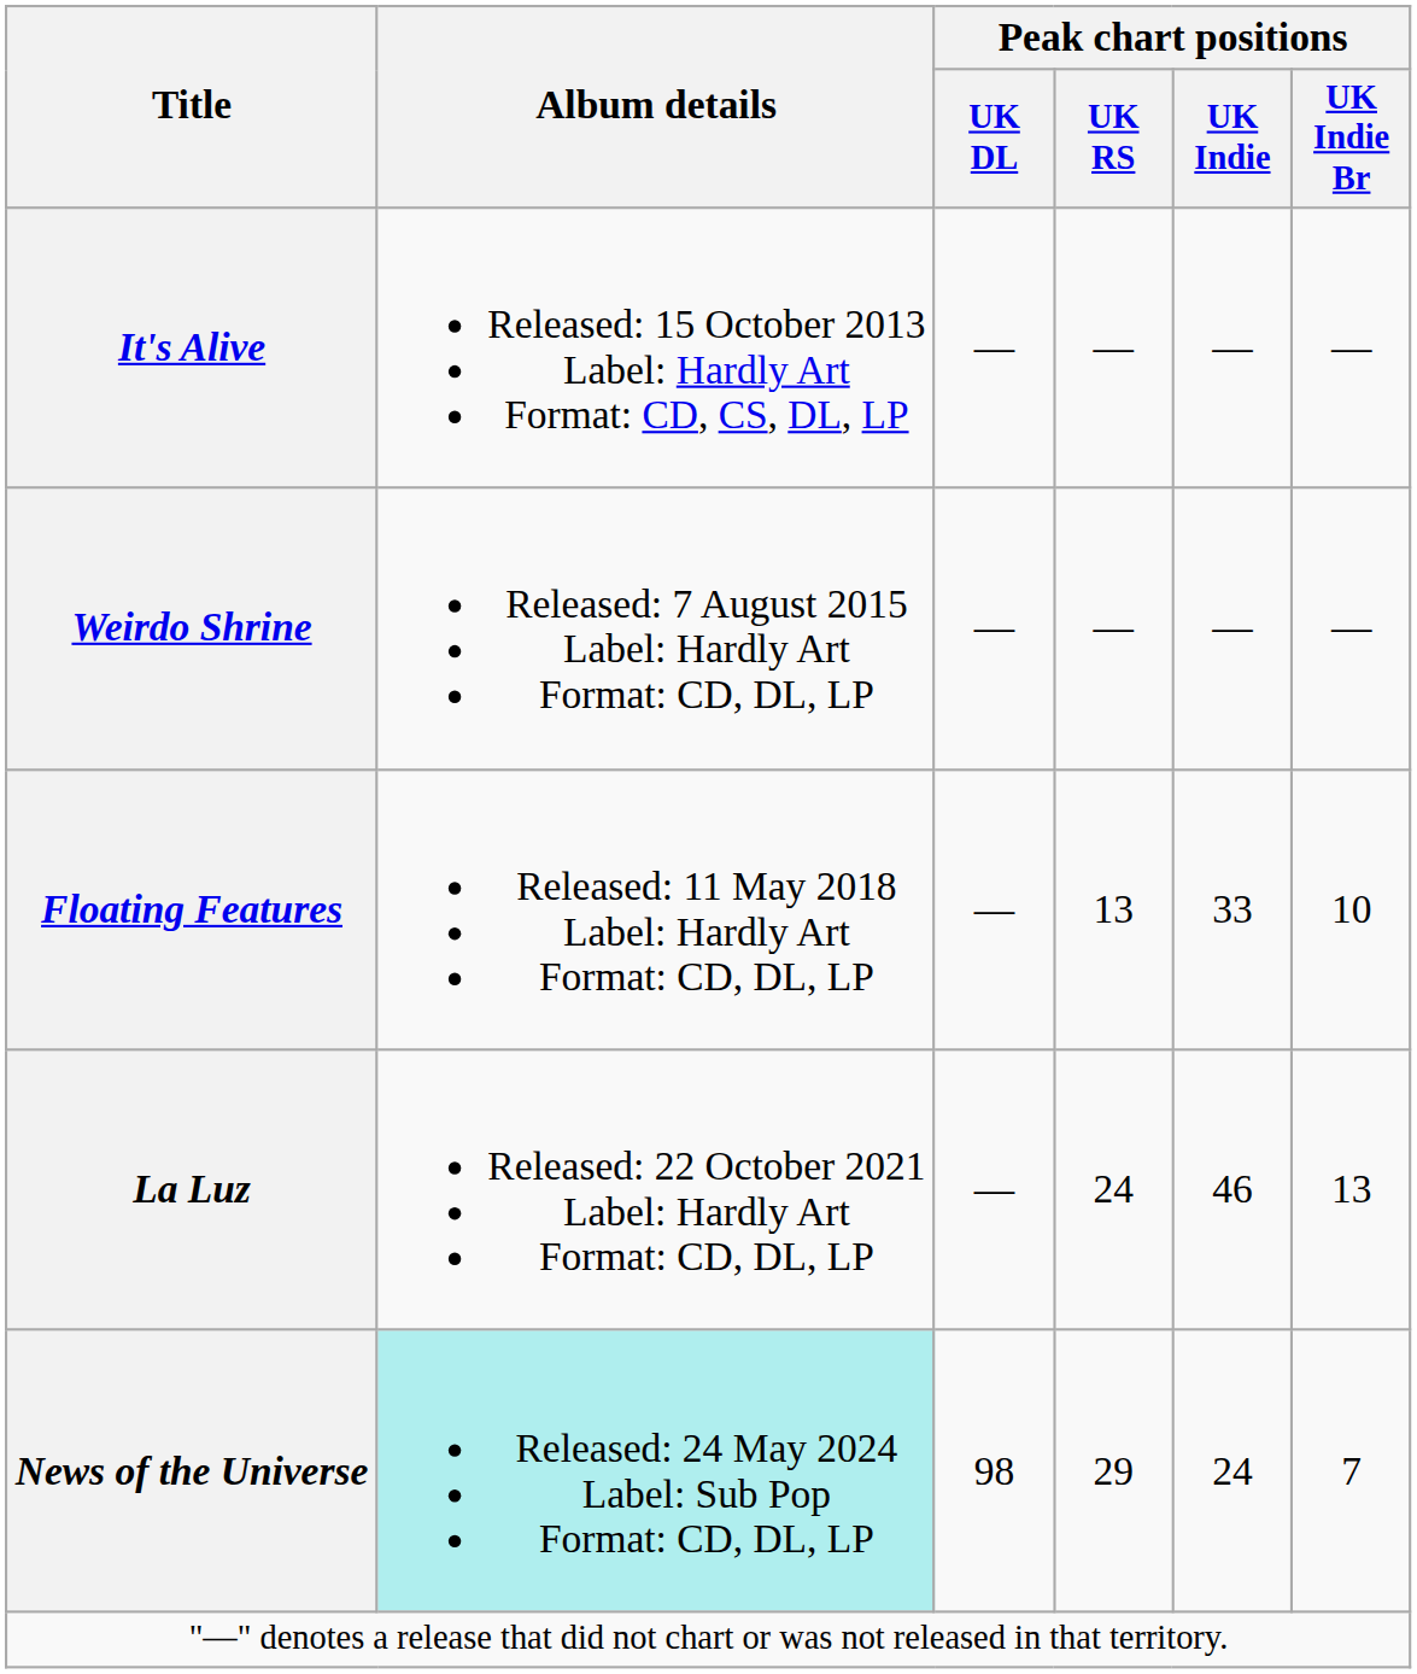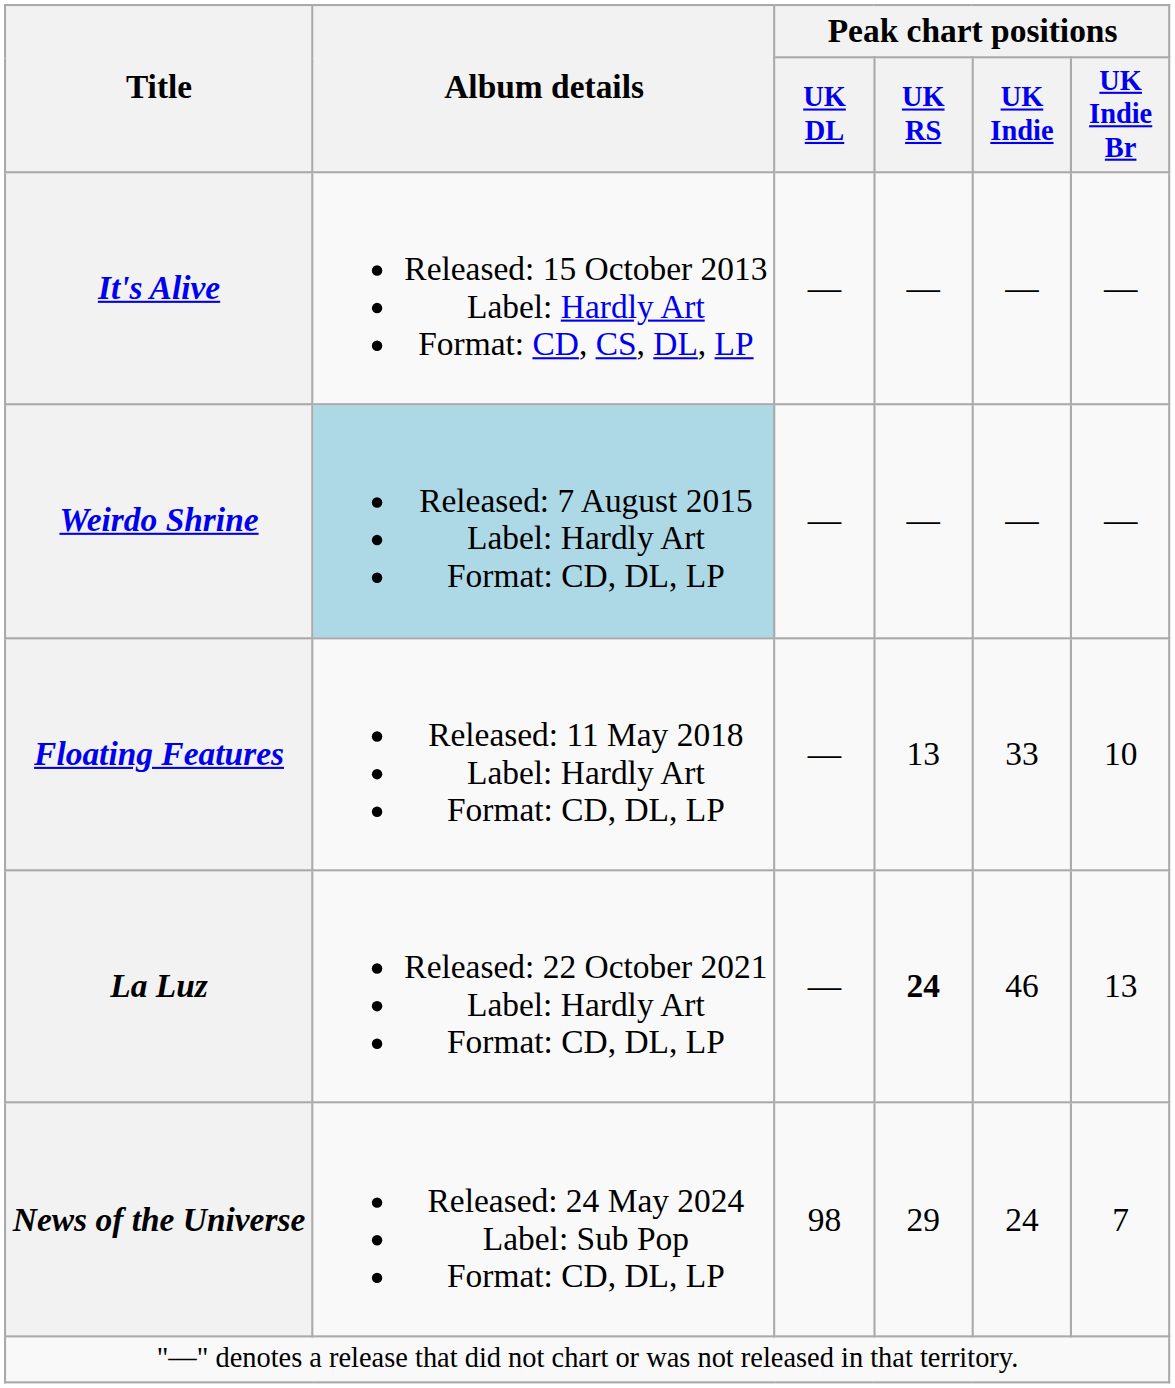 <table class="wikitable plainrowheaders" style="text-align:center;" border="1">
 <tr>
 <th scope="col" rowspan="2">Title</th>
 <th scope="col" rowspan="2">Album details</th>
 <th scope="col" colspan="4">Peak chart positions</th>
 </tr>
 <tr>
 <th scope="col" style="width:3em;font-size:85%;"><a href='#'>UK<br>DL</a></th>
 <th scope="col" style="width:3em;font-size:85%;"><a href='#'>UK<br>RS</a></th>
 <th scope="col" style="width:3em;font-size:85%;"><a href='#'>UK<br>Indie</a></th>
 <th scope="col" style="width:3em;font-size:85%;"><a href='#'>UK<br>Indie Br</a></th>
 </tr>
 <tr>
 <th scope="row"><em><a href='#'>It's Alive</a></em></th>
 <td><br><ul><li>Released: 15 October 2013</li><li>Label: <a href='#'>Hardly Art</a></li><li>Format: <a href='#'>CD</a>, <a href='#'>CS</a>, <a href='#'>DL</a>, <a href='#'>LP</a></li></ul></td>
 <td>—</td>
 <td>—</td>
 <td>—</td>
 <td>—</td>
 </tr>
 <tr>
 <th scope="row"><em><a href='#'>Weirdo Shrine</a></em></th>
-<td><br><ul><li>Released: 7 August 2015</li><li>Label: Hardly Art</li><li>Format: CD, DL, LP</li></ul></td>
+<td style="background: lightblue;"><br><ul><li>Released: 7 August 2015</li><li>Label: Hardly Art</li><li>Format: CD, DL, LP</li></ul></td>
 <td>—</td>
 <td>—</td>
 <td>—</td>
 <td>—</td>
 </tr>
 <tr>
 <th scope="row"><em><a href='#'>Floating Features</a></em></th>
 <td><br><ul><li>Released: 11 May 2018</li><li>Label: Hardly Art</li><li>Format: CD, DL, LP</li></ul></td>
 <td>—</td>
 <td>13</td>
 <td>33</td>
 <td>10</td>
 </tr>
 <tr>
 <th scope="row"><em>La Luz</em></th>
 <td><br><ul><li>Released: 22 October 2021</li><li>Label: Hardly Art</li><li>Format: CD, DL, LP</li></ul></td>
 <td>—</td>
-<td>24</td>
+<td><strong>24</strong></td>
 <td>46</td>
 <td>13</td>
 </tr>
 <tr>
 <th scope="row"><em>News of the Universe</em></th>
-<td style="background: paleturquoise;"><br><ul><li>Released: 24 May 2024</li><li>Label: Sub Pop</li><li>Format: CD, DL, LP</li></ul></td>
+<td><br><ul><li>Released: 24 May 2024</li><li>Label: Sub Pop</li><li>Format: CD, DL, LP</li></ul></td>
 <td>98</td>
 <td>29</td>
 <td>24</td>
 <td>7</td>
 </tr>
 <tr>
 <td colspan="12" style="font-size:85%">"—" denotes a release that did not chart or was not released in that territory.</td>
 </tr>
 </table>
